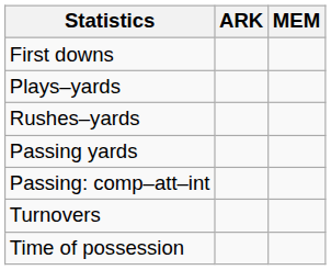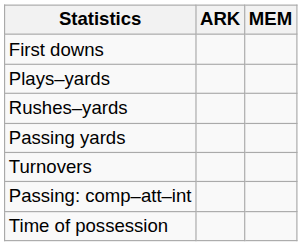 <table class="wikitable" style="float:left">
 <tr>
 <th>Statistics</th>
 <th>ARK</th>
 <th>MEM</th>
 </tr>
 <tr>
 <td>First downs</td>
 <td></td>
 <td></td>
 </tr>
 <tr>
 <td>Plays–yards</td>
 <td></td>
 <td></td>
 </tr>
 <tr>
 <td>Rushes–yards</td>
 <td></td>
 <td></td>
 </tr>
 <tr>
 <td>Passing yards</td>
 <td></td>
 <td></td>
 </tr>
 <tr>
-<td>Passing: comp–att–int</td>
+<td>Turnovers</td>
 <td></td>
 <td></td>
 </tr>
 <tr>
-<td>Turnovers</td>
+<td>Passing: comp–att–int</td>
 <td></td>
 <td></td>
 </tr>
 <tr>
 <td>Time of possession</td>
 <td></td>
 <td></td>
 </tr>
 </table>
